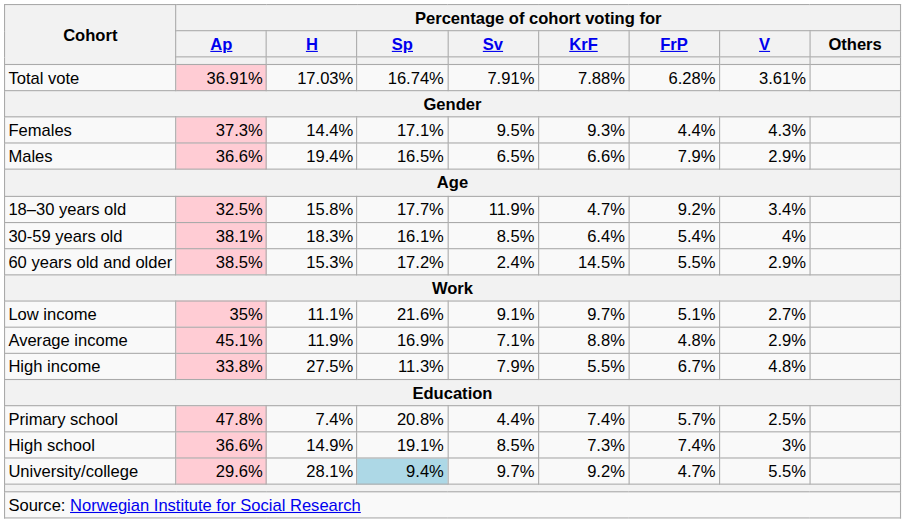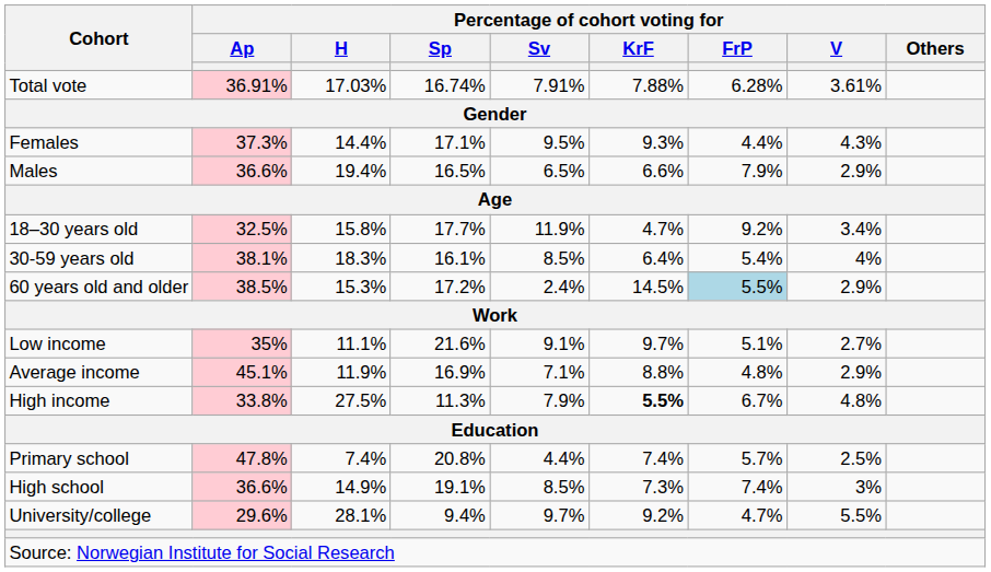 <table class="wikitable" style="text-align:right; font-size:95%;">
 <tr>
 <th rowspan="3">Cohort</th>
 <th colspan="8">Percentage of cohort voting for</th>
 </tr>
 <tr>
 <th scope="col" style="width:5em;"><a href='#'>Ap</a></th>
 <th scope="col" style="width:5em;"><a href='#'>H</a></th>
 <th scope="col" style="width:5em;"><a href='#'>Sp</a></th>
 <th scope="col" style="width:5em;"><a href='#'>Sv</a></th>
 <th scope="col" style="width:5em;"><a href='#'>KrF</a></th>
 <th scope="col" style="width:5em;"><a href='#'>FrP</a></th>
 <th scope="col" style="width:5em;"><a href='#'>V</a></th>
 <th scope="col" style="width:5em;">Others</th>
 </tr>
 <tr>
 <th style="background:"></th>
 <th style="background:"></th>
 <th style="background:"></th>
 <th style="background:"></th>
 <th style="background:"></th>
 <th style="background:"></th>
 <th style="background:"></th>
 <th style="background:"></th>
 </tr>
 <tr>
 <td align=left>Total vote</td>
 <td style="background:#ffccd4;">36.91%</td>
 <td>17.03%</td>
 <td>16.74%</td>
 <td>7.91%</td>
 <td>7.88%</td>
 <td>6.28%</td>
 <td>3.61%</td>
 <td></td>
 </tr>
 <tr>
 <th colspan="9">Gender</th>
 </tr>
 <tr>
 <td align=left>Females</td>
 <td style="background:#ffccd4;">37.3%</td>
 <td>14.4%</td>
 <td>17.1%</td>
 <td>9.5%</td>
 <td>9.3%</td>
 <td>4.4%</td>
 <td>4.3%</td>
 <td></td>
 </tr>
 <tr>
 <td align=left>Males</td>
 <td style="background:#ffccd4;">36.6%</td>
 <td>19.4%</td>
 <td>16.5%</td>
 <td>6.5%</td>
 <td>6.6%</td>
 <td>7.9%</td>
 <td>2.9%</td>
 <td></td>
 </tr>
 <tr>
 <th colspan="9">Age</th>
 </tr>
 <tr>
 <td align=left>18–30 years old</td>
 <td style="background:#ffccd4;">32.5%</td>
 <td>15.8%</td>
 <td>17.7%</td>
 <td>11.9%</td>
 <td>4.7%</td>
 <td>9.2%</td>
 <td>3.4%</td>
 <td></td>
 </tr>
 <tr>
 <td align=left>30-59 years old</td>
 <td style="background:#ffccd4;">38.1%</td>
 <td>18.3%</td>
 <td>16.1%</td>
 <td>8.5%</td>
 <td>6.4%</td>
 <td>5.4%</td>
 <td>4%</td>
 <td></td>
 </tr>
 <tr>
 <td align=left>60 years old and older</td>
 <td style="background:#ffccd4;">38.5%</td>
 <td>15.3%</td>
 <td>17.2%</td>
 <td>2.4%</td>
 <td>14.5%</td>
-<td>5.5%</td>
+<td style="background: lightblue;">5.5%</td>
 <td>2.9%</td>
 <td></td>
 </tr>
 <tr>
 <th colspan="9">Work</th>
 </tr>
 <tr>
 <td align=left>Low income</td>
 <td style="background:#ffccd4;">35%</td>
 <td>11.1%</td>
 <td>21.6%</td>
 <td>9.1%</td>
 <td>9.7%</td>
 <td>5.1%</td>
 <td>2.7%</td>
 <td></td>
 </tr>
 <tr>
 <td align=left>Average income</td>
 <td style="background:#ffccd4;">45.1%</td>
 <td>11.9%</td>
 <td>16.9%</td>
 <td>7.1%</td>
 <td>8.8%</td>
 <td>4.8%</td>
 <td>2.9%</td>
 <td></td>
 </tr>
 <tr>
 <td align=left>High income</td>
 <td style="background:#ffccd4;">33.8%</td>
 <td>27.5%</td>
 <td>11.3%</td>
 <td>7.9%</td>
-<td>5.5%</td>
+<td><strong>5.5%</strong></td>
 <td>6.7%</td>
 <td>4.8%</td>
 <td></td>
 </tr>
 <tr>
 <th colspan="9">Education</th>
 </tr>
 <tr>
 <td align=left>Primary school</td>
 <td style="background:#ffccd4;">47.8%</td>
 <td>7.4%</td>
 <td>20.8%</td>
 <td>4.4%</td>
 <td>7.4%</td>
 <td>5.7%</td>
 <td>2.5%</td>
 <td></td>
 </tr>
 <tr>
 <td align=left>High school</td>
 <td style="background:#ffccd4;">36.6%</td>
 <td>14.9%</td>
 <td>19.1%</td>
 <td>8.5%</td>
 <td>7.3%</td>
 <td>7.4%</td>
 <td>3%</td>
 <td></td>
 </tr>
 <tr>
 <td align=left>University/college</td>
 <td style="background:#ffccd4;">29.6%</td>
 <td>28.1%</td>
-<td style="background: lightblue;">9.4%</td>
+<td>9.4%</td>
 <td>9.7%</td>
 <td>9.2%</td>
 <td>4.7%</td>
 <td>5.5%</td>
 <td></td>
 </tr>
 <tr>
 <th colspan="11!"></th>
 </tr>
 <tr>
 <td align=left colspan="9">Source: <a href='#'>Norwegian Institute for Social Research</a></td>
 </tr>
 </table>
